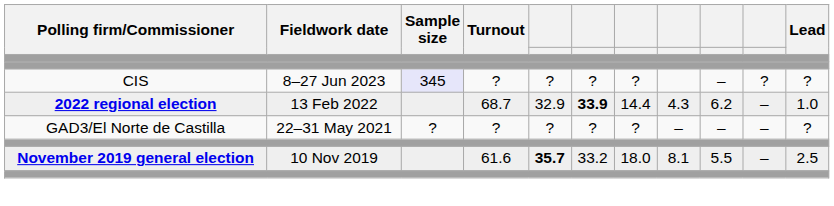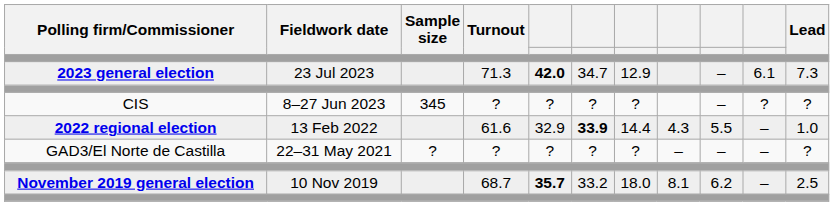 <table class="wikitable collapsible collapsed" style="text-align:center; font-size:95%; line-height:16px;">
 <tr style="height:42px;">
 <th style="width:250px;" rowspan="2">Polling firm/Commissioner</th>
 <th style="width:125px;" rowspan="2">Fieldwork date</th>
 <th style="width:50px;" rowspan="2">Sample size</th>
 <th style="width:45px;" rowspan="2">Turnout</th>
 <th style="width:35px;"></th>
 <th style="width:35px;"></th>
 <th style="width:35px;"></th>
 <th style="width:35px;"></th>
 <th style="width:35px;"></th>
 <th style="width:35px;"></th>
 <th style="width:30px;" rowspan="2">Lead</th>
 </tr>
 <tr>
 <th style="color:inherit;background:"></th>
 <th style="color:inherit;background:"></th>
 <th style="color:inherit;background:"></th>
 <th style="color:inherit;background:"></th>
 <th style="color:inherit;background:"></th>
 <th style="color:inherit;background:"></th>
 </tr>
 <tr>
 <td colspan="11" style="background:#A0A0A0"></td>
 </tr>
+<tr style="background:#EFEFEF;">
+<td><strong><a href='#'>2023 general election</a></strong></td>
+<td>23 Jul 2023</td>
+<td></td>
+<td>71.3</td>
+<td><strong>42.0</strong><br></td>
+<td>34.7<br></td>
+<td>12.9<br></td>
+<td></td>
+<td>–</td>
+<td>6.1<br></td>
+<td style="background:">7.3</td>
+</tr>
 <tr>
 <td colspan="11" style="background:#A0A0A0"></td>
 </tr>
 <tr>
 <td>CIS</td>
 <td>8–27 Jun 2023</td>
-<td style="background: lavender;">345</td>
+<td>345</td>
 <td>?</td>
 <td>?<br></td>
 <td>?<br></td>
 <td>?<br></td>
 <td></td>
 <td>–</td>
 <td>?<br></td>
 <td style="background:">?</td>
 </tr>
 <tr style="background:#EFEFEF;">
 <td><strong><a href='#'>2022 regional election</a></strong></td>
 <td>13 Feb 2022</td>
 <td></td>
-<td>68.7</td>
+<td>61.6</td>
 <td>32.9<br></td>
 <td><strong>33.9</strong><br></td>
 <td>14.4<br></td>
 <td>4.3<br></td>
-<td>6.2<br></td>
+<td>5.5<br></td>
 <td>–</td>
 <td style="background:">1.0</td>
 </tr>
 <tr>
 <td>GAD3/El Norte de Castilla</td>
 <td>22–31 May 2021</td>
 <td>?</td>
 <td>?</td>
 <td>?<br></td>
 <td>?<br></td>
 <td>?<br></td>
 <td>–</td>
 <td>–</td>
 <td>–</td>
 <td style="background:">?</td>
 </tr>
 <tr>
 <td colspan="11" style="background:#A0A0A0"></td>
 </tr>
 <tr style="background:#EFEFEF;">
 <td><strong><a href='#'>November 2019 general election</a></strong></td>
 <td>10 Nov 2019</td>
 <td></td>
-<td>61.6</td>
+<td>68.7</td>
 <td><strong>35.7</strong><br></td>
 <td>33.2<br></td>
 <td>18.0<br></td>
 <td>8.1<br></td>
-<td>5.5<br></td>
+<td>6.2<br></td>
 <td>–</td>
 <td style="background:">2.5</td>
 </tr>
 <tr>
 <td colspan="11" style="background:#A0A0A0"></td>
 </tr>
 </table>
